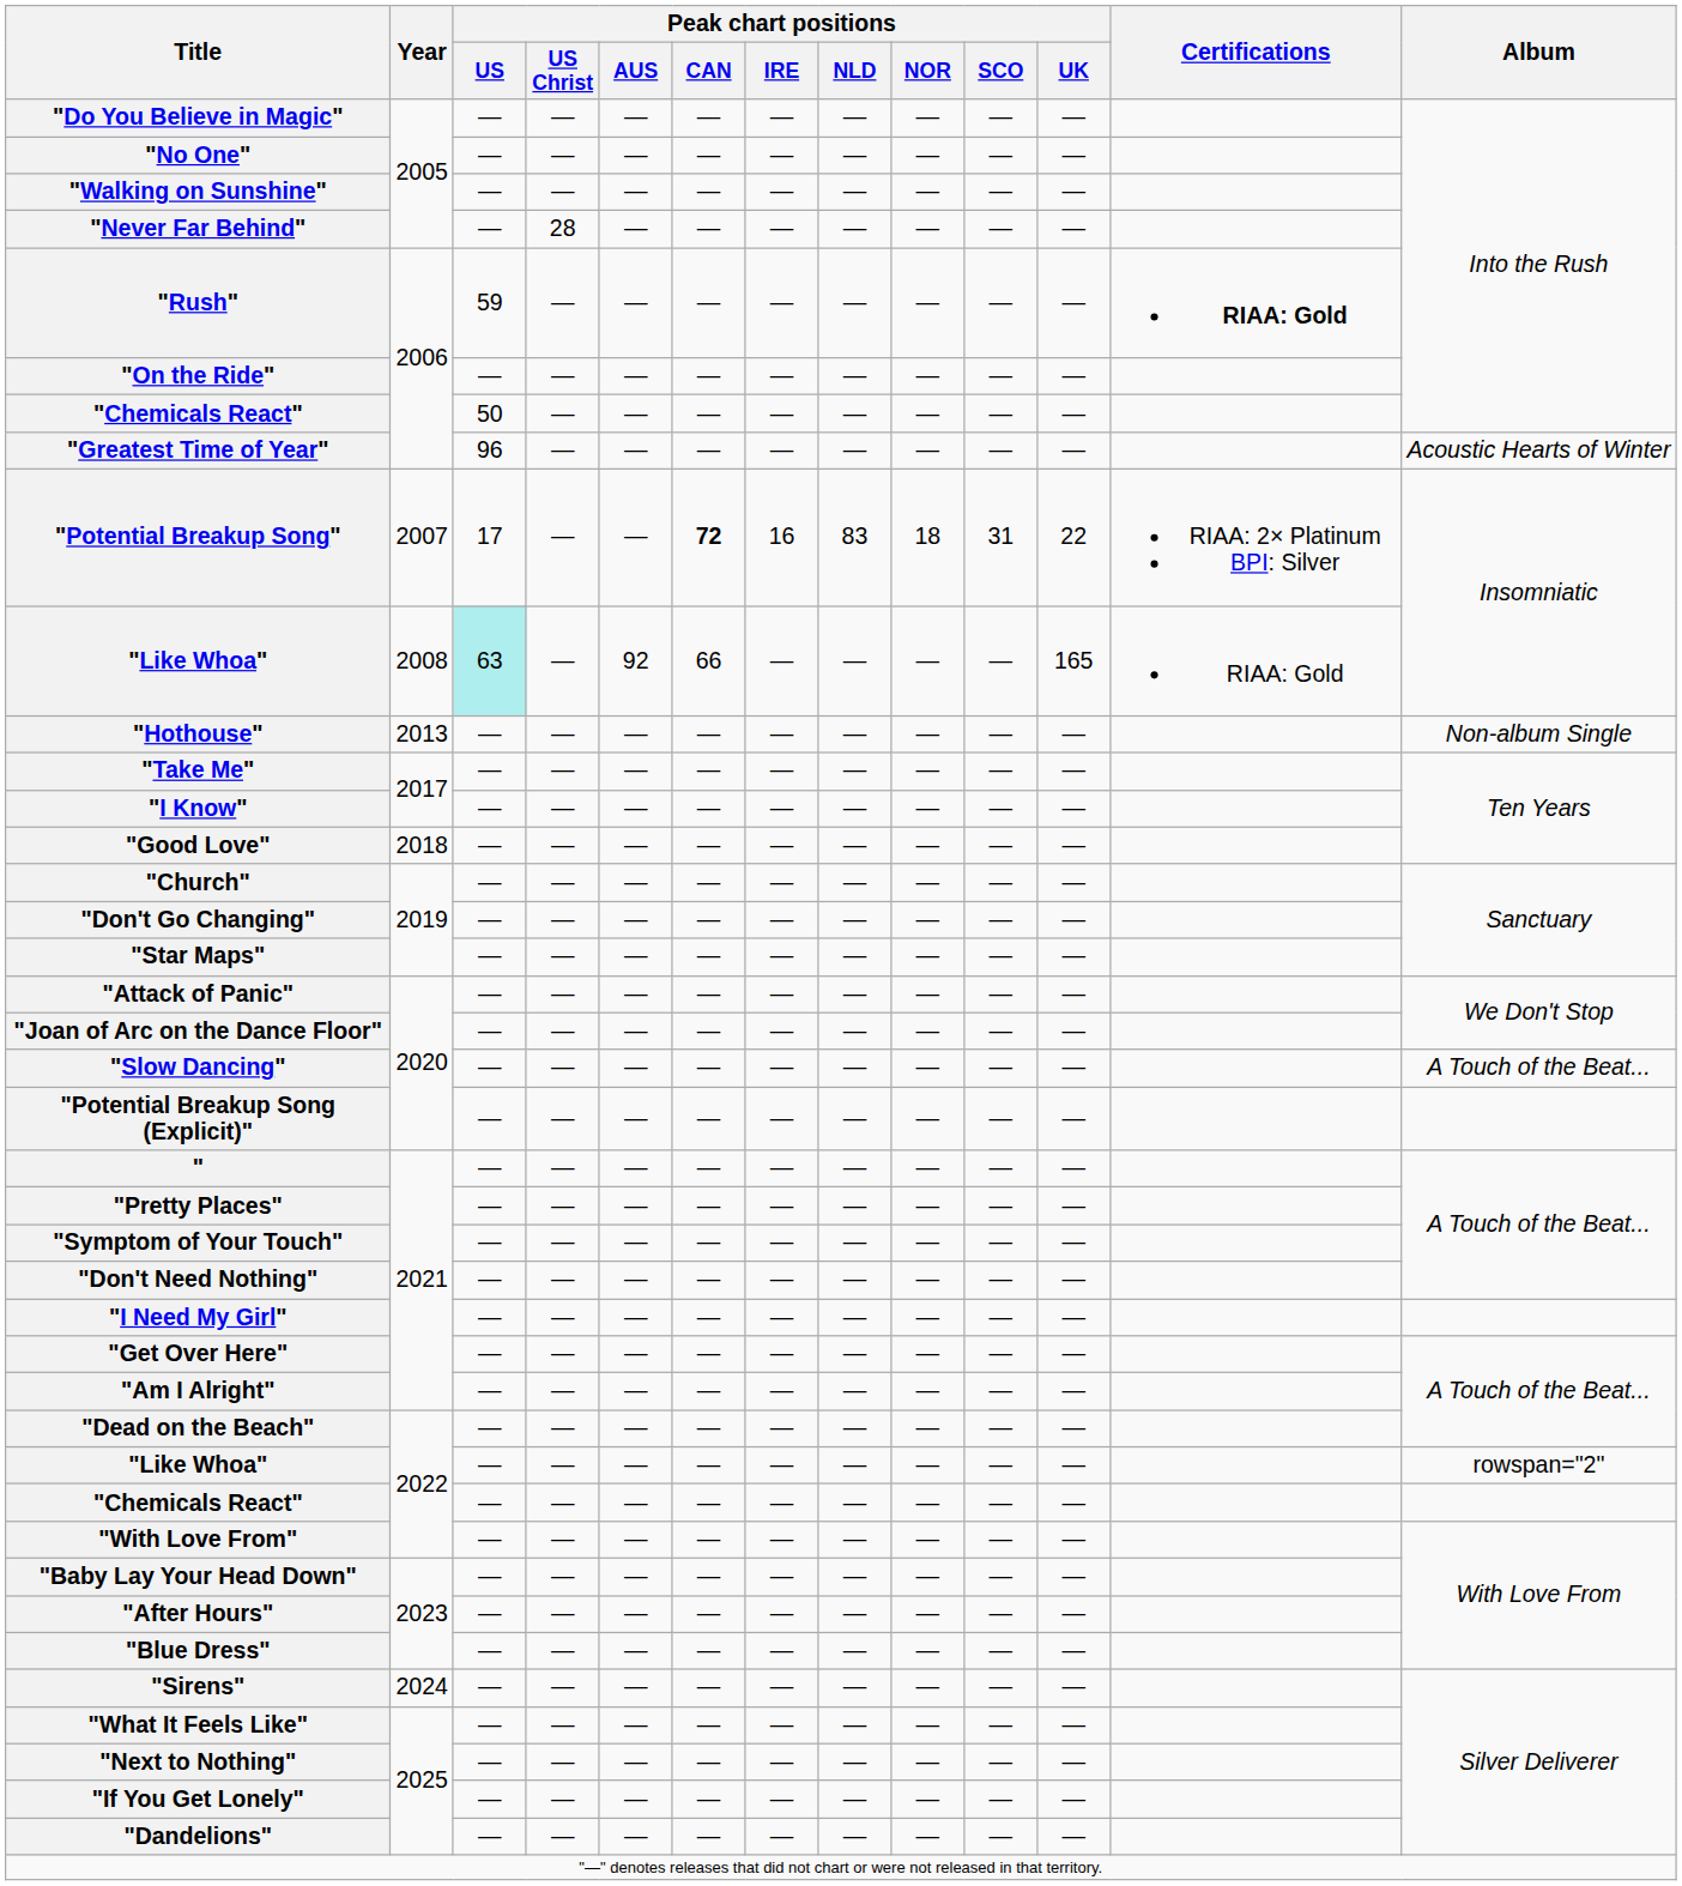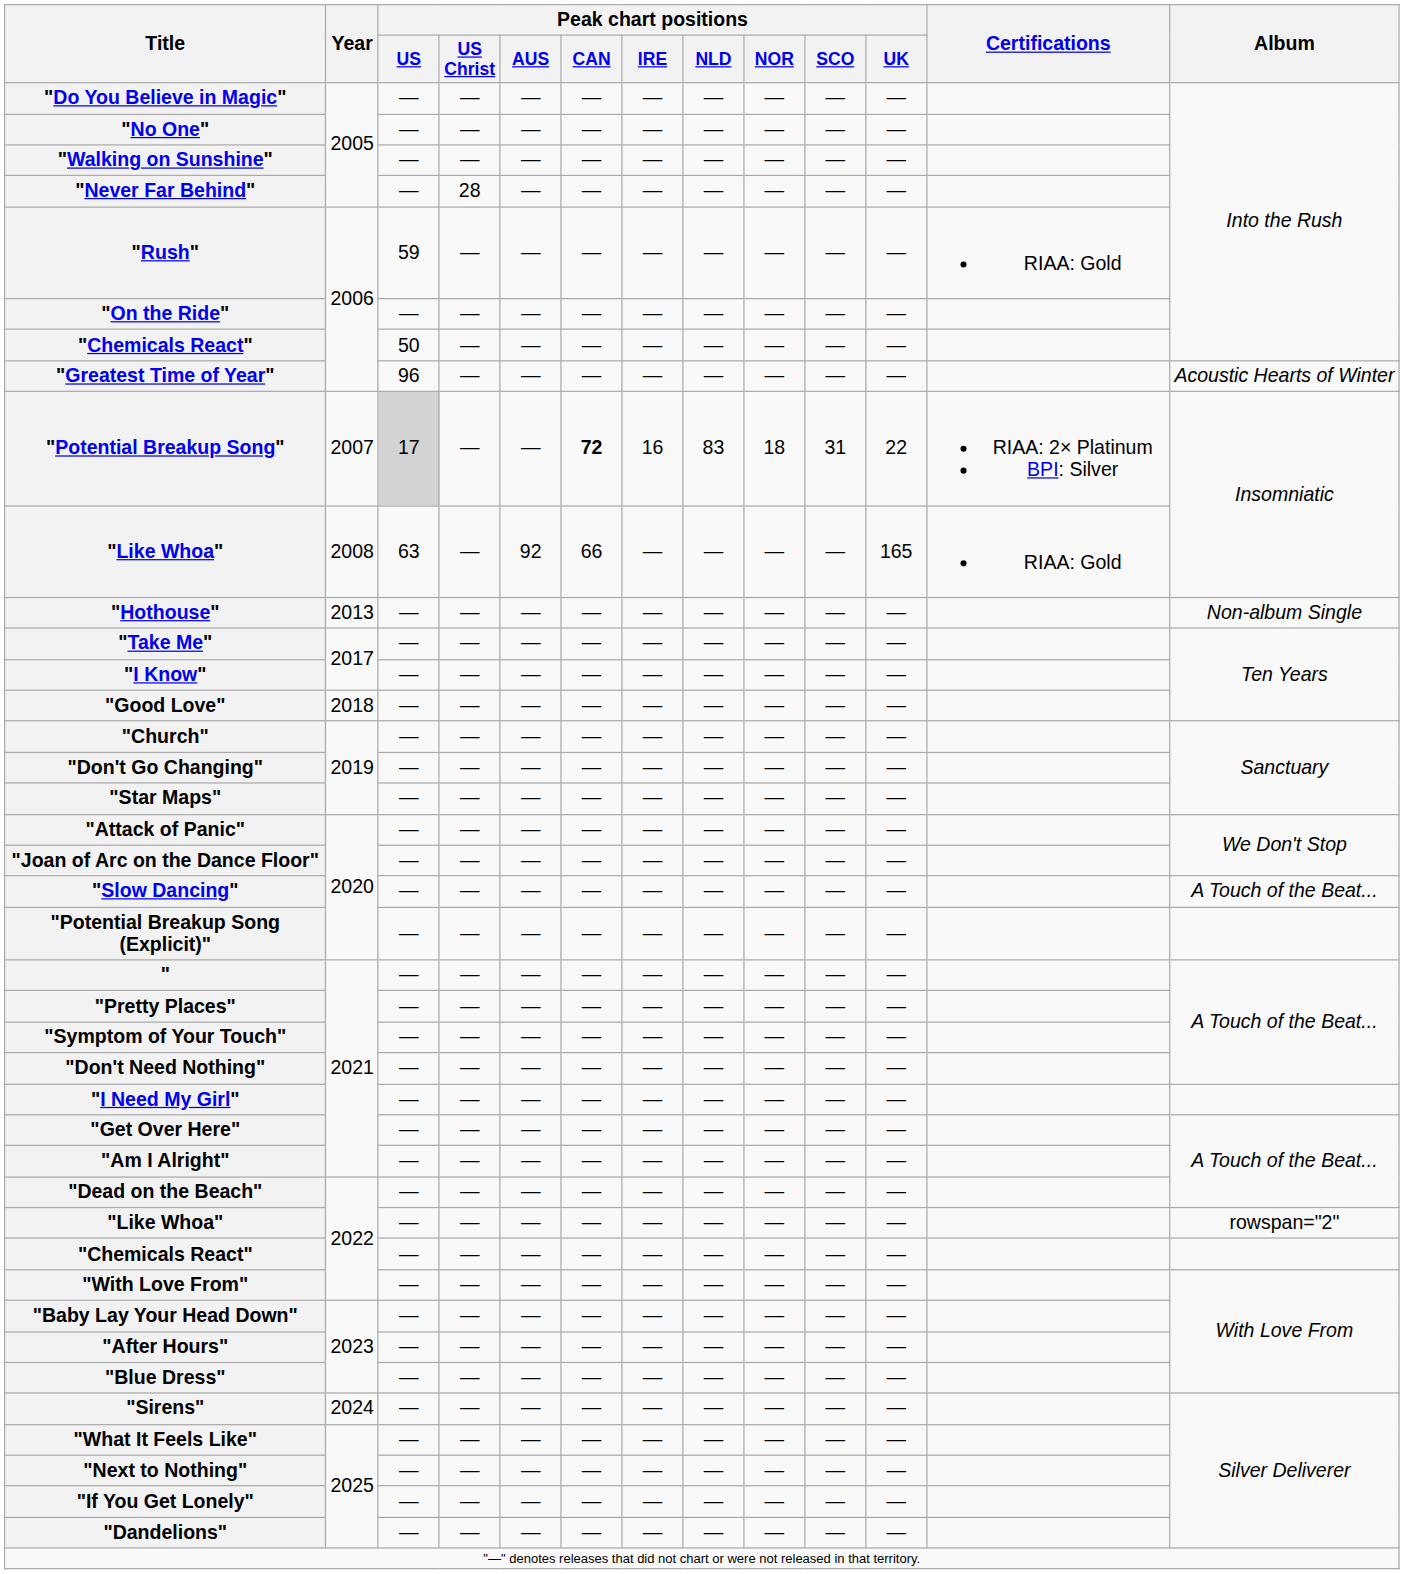 <table class="wikitable plainrowheaders" style="text-align:center;">
 <tr>
 <th scope="col" rowspan="2" style="width:16em;">Title</th>
 <th scope="col" rowspan="2">Year</th>
 <th scope="col" colspan="9">Peak chart positions</th>
 <th scope="col" rowspan="2" style="width:12em;"><a href='#'>Certifications</a></th>
 <th scope="col" rowspan="2">Album</th>
 </tr>
 <tr>
 <th scope="col" style="width:3em;font-size:90%;"><a href='#'>US</a><br></th>
 <th scope="col" style="width:3em;font-size:90%;"><a href='#'>US Christ</a><br></th>
 <th scope="col" style="width:3em;font-size:90%;"><a href='#'>AUS</a><br></th>
 <th scope="col" style="width:3em;font-size:90%;"><a href='#'>CAN</a><br></th>
 <th scope="col" style="width:3em;font-size:90%;"><a href='#'>IRE</a><br></th>
 <th scope="col" style="width:3em;font-size:90%;"><a href='#'>NLD</a><br></th>
 <th scope="col" style="width:3em;font-size:90%;"><a href='#'>NOR</a><br></th>
 <th scope="col" style="width:3em;font-size:90%;"><a href='#'>SCO</a><br></th>
 <th scope="col" style="width:3em;font-size:90%;"><a href='#'>UK</a><br></th>
 </tr>
 <tr>
 <th scope="row">"<a href='#'>Do You Believe in Magic</a>"</th>
 <td rowspan="4">2005</td>
 <td>—</td>
 <td>—</td>
 <td>—</td>
 <td>—</td>
 <td>—</td>
 <td>—</td>
 <td>—</td>
 <td>—</td>
 <td>—</td>
 <td></td>
 <td rowspan = "7"><em>Into the Rush</em></td>
 </tr>
 <tr>
 <th scope="row">"<a href='#'>No One</a>"</th>
 <td>—</td>
 <td>—</td>
 <td>—</td>
 <td>—</td>
 <td>—</td>
 <td>—</td>
 <td>—</td>
 <td>—</td>
 <td>—</td>
 <td></td>
 </tr>
 <tr>
 <th scope="row">"<a href='#'>Walking on Sunshine</a>"</th>
 <td>—</td>
 <td>—</td>
 <td>—</td>
 <td>—</td>
 <td>—</td>
 <td>—</td>
 <td>—</td>
 <td>—</td>
 <td>—</td>
 <td></td>
 </tr>
 <tr>
 <th scope="row">"<a href='#'>Never Far Behind</a>"</th>
 <td>—</td>
 <td>28</td>
 <td>—</td>
 <td>—</td>
 <td>—</td>
 <td>—</td>
 <td>—</td>
 <td>—</td>
 <td>—</td>
 <td></td>
 </tr>
 <tr>
 <th scope="row">"<a href='#'>Rush</a>"</th>
 <td rowspan="4">2006</td>
 <td>59</td>
 <td>—</td>
 <td>—</td>
 <td>—</td>
 <td>—</td>
 <td>—</td>
 <td>—</td>
 <td>—</td>
 <td>—</td>
-<td><strong><br><ul><li>RIAA: Gold</li></ul></strong></td>
+<td><br><ul><li>RIAA: Gold</li></ul></td>
 </tr>
 <tr>
 <th scope="row">"<a href='#'>On the Ride</a>"</th>
 <td>—</td>
 <td>—</td>
 <td>—</td>
 <td>—</td>
 <td>—</td>
 <td>—</td>
 <td>—</td>
 <td>—</td>
 <td>—</td>
 <td></td>
 </tr>
 <tr>
 <th scope="row">"<a href='#'>Chemicals React</a>"</th>
 <td>50</td>
 <td>—</td>
 <td>—</td>
 <td>—</td>
 <td>—</td>
 <td>—</td>
 <td>—</td>
 <td>—</td>
 <td>—</td>
 <td></td>
 </tr>
 <tr>
 <th scope="row">"<a href='#'>Greatest Time of Year</a>"</th>
 <td>96</td>
 <td>—</td>
 <td>—</td>
 <td>—</td>
 <td>—</td>
 <td>—</td>
 <td>—</td>
 <td>—</td>
 <td>—</td>
 <td></td>
 <td><em>Acoustic Hearts of Winter</em></td>
 </tr>
 <tr>
 <th scope="row">"<a href='#'>Potential Breakup Song</a>"</th>
 <td>2007</td>
-<td>17</td>
+<td style="background: lightgrey;">17</td>
 <td>—</td>
 <td>—</td>
 <td><strong>72</strong></td>
 <td>16</td>
 <td>83</td>
 <td>18</td>
 <td>31</td>
 <td>22</td>
 <td><br><ul><li>RIAA: 2× Platinum</li><li><a href='#'>BPI</a>: Silver</li></ul></td>
 <td rowspan="2"><em>Insomniatic</em></td>
 </tr>
 <tr>
 <th scope="row">"<a href='#'>Like Whoa</a>"</th>
 <td>2008</td>
-<td style="background: paleturquoise;">63</td>
+<td>63</td>
 <td>—</td>
 <td>92</td>
 <td>66</td>
 <td>—</td>
 <td>—</td>
 <td>—</td>
 <td>—</td>
 <td>165</td>
 <td><br><ul><li>RIAA: Gold</li></ul></td>
 </tr>
 <tr>
 <th scope="row">"<a href='#'>Hothouse</a>"<br></th>
 <td>2013</td>
 <td>—</td>
 <td>—</td>
 <td>—</td>
 <td>—</td>
 <td>—</td>
 <td>—</td>
 <td>—</td>
 <td>—</td>
 <td>—</td>
 <td></td>
 <td><em>Non-album Single</em></td>
 </tr>
 <tr>
 <th scope="row">"<a href='#'>Take Me</a>"</th>
 <td rowspan="2">2017</td>
 <td>—</td>
 <td>—</td>
 <td>—</td>
 <td>—</td>
 <td>—</td>
 <td>—</td>
 <td>—</td>
 <td>—</td>
 <td>—</td>
 <td></td>
 <td rowspan="3"><em>Ten Years</em></td>
 </tr>
 <tr>
 <th scope="row">"<a href='#'>I Know</a>"</th>
 <td>—</td>
 <td>—</td>
 <td>—</td>
 <td>—</td>
 <td>—</td>
 <td>—</td>
 <td>—</td>
 <td>—</td>
 <td>—</td>
 <td></td>
 </tr>
 <tr>
 <th scope="row">"Good Love"</th>
 <td>2018</td>
 <td>—</td>
 <td>—</td>
 <td>—</td>
 <td>—</td>
 <td>—</td>
 <td>—</td>
 <td>—</td>
 <td>—</td>
 <td>—</td>
 <td></td>
 </tr>
 <tr>
 <th scope="row">"Church"</th>
 <td rowspan="3">2019</td>
 <td>—</td>
 <td>—</td>
 <td>—</td>
 <td>—</td>
 <td>—</td>
 <td>—</td>
 <td>—</td>
 <td>—</td>
 <td>—</td>
 <td></td>
 <td rowspan="3"><em>Sanctuary</em></td>
 </tr>
 <tr>
 <th scope="row">"Don't Go Changing"</th>
 <td>—</td>
 <td>—</td>
 <td>—</td>
 <td>—</td>
 <td>—</td>
 <td>—</td>
 <td>—</td>
 <td>—</td>
 <td>—</td>
 <td></td>
 </tr>
 <tr>
 <th scope="row">"Star Maps"</th>
 <td>—</td>
 <td>—</td>
 <td>—</td>
 <td>—</td>
 <td>—</td>
 <td>—</td>
 <td>—</td>
 <td>—</td>
 <td>—</td>
 <td></td>
 </tr>
 <tr>
 <th scope="row">"Attack of Panic"</th>
 <td rowspan="4">2020</td>
 <td>—</td>
 <td>—</td>
 <td>—</td>
 <td>—</td>
 <td>—</td>
 <td>—</td>
 <td>—</td>
 <td>—</td>
 <td>—</td>
 <td></td>
 <td rowspan="2"><em>We Don't Stop</em></td>
 </tr>
 <tr>
 <th scope="row">"Joan of Arc on the Dance Floor"</th>
 <td>—</td>
 <td>—</td>
 <td>—</td>
 <td>—</td>
 <td>—</td>
 <td>—</td>
 <td>—</td>
 <td>—</td>
 <td>—</td>
 <td></td>
 </tr>
 <tr>
 <th scope="row">"<a href='#'>Slow Dancing</a>"</th>
 <td>—</td>
 <td>—</td>
 <td>—</td>
 <td>—</td>
 <td>—</td>
 <td>—</td>
 <td>—</td>
 <td>—</td>
 <td>—</td>
 <td></td>
 <td><em>A Touch of the Beat...</em></td>
 </tr>
 <tr>
 <th scope="row">"Potential Breakup Song (Explicit)"</th>
 <td>—</td>
 <td>—</td>
 <td>—</td>
 <td>—</td>
 <td>—</td>
 <td>—</td>
 <td>—</td>
 <td>—</td>
 <td>—</td>
 <td></td>
 <td></td>
 </tr>
 <tr>
 <th scope="row">"</th>
 <td rowspan="7">2021</td>
 <td>—</td>
 <td>—</td>
 <td>—</td>
 <td>—</td>
 <td>—</td>
 <td>—</td>
 <td>—</td>
 <td>—</td>
 <td>—</td>
 <td></td>
 <td rowspan="4"><em>A Touch of the Beat...</em></td>
 </tr>
 <tr>
 <th scope="row">"Pretty Places"</th>
 <td>—</td>
 <td>—</td>
 <td>—</td>
 <td>—</td>
 <td>—</td>
 <td>—</td>
 <td>—</td>
 <td>—</td>
 <td>—</td>
 <td></td>
 </tr>
 <tr>
 <th scope="row">"Symptom of Your Touch"</th>
 <td>—</td>
 <td>—</td>
 <td>—</td>
 <td>—</td>
 <td>—</td>
 <td>—</td>
 <td>—</td>
 <td>—</td>
 <td>—</td>
 <td></td>
 </tr>
 <tr>
 <th scope="row">"Don't Need Nothing"</th>
 <td>—</td>
 <td>—</td>
 <td>—</td>
 <td>—</td>
 <td>—</td>
 <td>—</td>
 <td>—</td>
 <td>—</td>
 <td>—</td>
 <td></td>
 </tr>
 <tr>
 <th scope="row">"<a href='#'>I Need My Girl</a>"</th>
 <td>—</td>
 <td>—</td>
 <td>—</td>
 <td>—</td>
 <td>—</td>
 <td>—</td>
 <td>—</td>
 <td>—</td>
 <td>—</td>
 <td></td>
 <td></td>
 </tr>
 <tr>
 <th scope="row">"Get Over Here"</th>
 <td>—</td>
 <td>—</td>
 <td>—</td>
 <td>—</td>
 <td>—</td>
 <td>—</td>
 <td>—</td>
 <td>—</td>
 <td>—</td>
 <td></td>
 <td rowspan="3"><em>A Touch of the Beat...</em></td>
 </tr>
 <tr>
 <th scope="row">"Am I Alright"</th>
 <td>—</td>
 <td>—</td>
 <td>—</td>
 <td>—</td>
 <td>—</td>
 <td>—</td>
 <td>—</td>
 <td>—</td>
 <td>—</td>
 <td></td>
 </tr>
 <tr>
 <th scope="row">"Dead on the Beach"</th>
 <td rowspan="4">2022</td>
 <td>—</td>
 <td>—</td>
 <td>—</td>
 <td>—</td>
 <td>—</td>
 <td>—</td>
 <td>—</td>
 <td>—</td>
 <td>—</td>
 <td></td>
 </tr>
 <tr>
 <th scope="row">"Like Whoa" </th>
 <td>—</td>
 <td>—</td>
 <td>—</td>
 <td>—</td>
 <td>—</td>
 <td>—</td>
 <td>—</td>
 <td>—</td>
 <td>—</td>
 <td></td>
 <td>rowspan="2" </td>
 </tr>
 <tr>
 <th scope="row">"Chemicals React" </th>
 <td>—</td>
 <td>—</td>
 <td>—</td>
 <td>—</td>
 <td>—</td>
 <td>—</td>
 <td>—</td>
 <td>—</td>
 <td>—</td>
 <td></td>
 </tr>
 <tr>
 <th scope="row">"With Love From"</th>
 <td>—</td>
 <td>—</td>
 <td>—</td>
 <td>—</td>
 <td>—</td>
 <td>—</td>
 <td>—</td>
 <td>—</td>
 <td>—</td>
 <td></td>
 <td rowspan="4"><em>With Love From</em></td>
 </tr>
 <tr>
 <th scope="row">"Baby Lay Your Head Down"</th>
 <td rowspan="3">2023</td>
 <td>—</td>
 <td>—</td>
 <td>—</td>
 <td>—</td>
 <td>—</td>
 <td>—</td>
 <td>—</td>
 <td>—</td>
 <td>—</td>
 <td></td>
 </tr>
 <tr>
 <th scope="row">"After Hours"</th>
 <td>—</td>
 <td>—</td>
 <td>—</td>
 <td>—</td>
 <td>—</td>
 <td>—</td>
 <td>—</td>
 <td>—</td>
 <td>—</td>
 <td></td>
 </tr>
 <tr>
 <th scope="row">"Blue Dress"</th>
 <td>—</td>
 <td>—</td>
 <td>—</td>
 <td>—</td>
 <td>—</td>
 <td>—</td>
 <td>—</td>
 <td>—</td>
 <td>—</td>
 <td></td>
 </tr>
 <tr>
 <th scope="row">"Sirens"</th>
 <td rowspan="1">2024</td>
 <td>—</td>
 <td>—</td>
 <td>—</td>
 <td>—</td>
 <td>—</td>
 <td>—</td>
 <td>—</td>
 <td>—</td>
 <td>—</td>
 <td></td>
 <td rowspan="5"><em>Silver Deliverer</em></td>
 </tr>
 <tr>
 <th scope="row">"What It Feels Like"</th>
 <td rowspan="4">2025</td>
 <td>—</td>
 <td>—</td>
 <td>—</td>
 <td>—</td>
 <td>—</td>
 <td>—</td>
 <td>—</td>
 <td>—</td>
 <td>—</td>
 <td></td>
 </tr>
 <tr>
 <th scope="row">"Next to Nothing"</th>
 <td>—</td>
 <td>—</td>
 <td>—</td>
 <td>—</td>
 <td>—</td>
 <td>—</td>
 <td>—</td>
 <td>—</td>
 <td>—</td>
 <td></td>
 </tr>
 <tr>
 <th scope="row">"If You Get Lonely"</th>
 <td>—</td>
 <td>—</td>
 <td>—</td>
 <td>—</td>
 <td>—</td>
 <td>—</td>
 <td>—</td>
 <td>—</td>
 <td>—</td>
 <td></td>
 </tr>
 <tr>
 <th scope="row">"Dandelions"</th>
 <td>—</td>
 <td>—</td>
 <td>—</td>
 <td>—</td>
 <td>—</td>
 <td>—</td>
 <td>—</td>
 <td>—</td>
 <td>—</td>
 <td></td>
 </tr>
 <tr>
 <td colspan="14" align="center" style="font-size:8pt">"—" denotes releases that did not chart or were not released in that territory.</td>
 </tr>
 </table>
